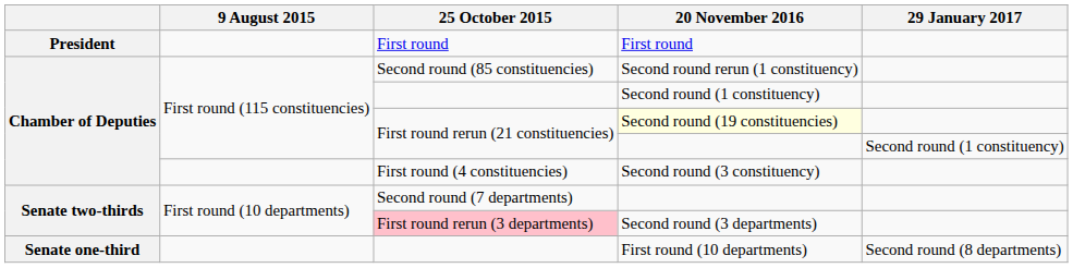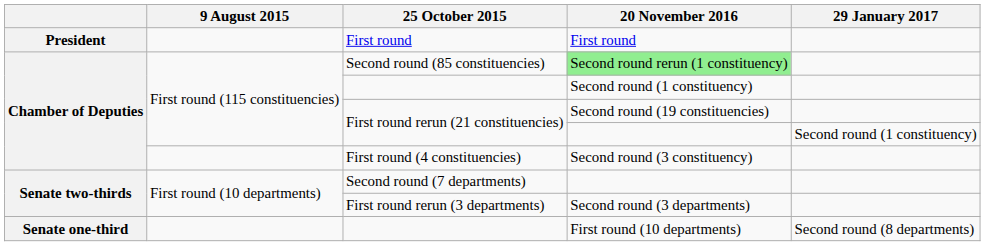 <table class="wikitable">
 <tr>
 <th></th>
 <th>9 August 2015</th>
 <th>25 October 2015</th>
 <th>20 November 2016</th>
 <th>29 January 2017</th>
 </tr>
 <tr>
 <th>President</th>
 <td></td>
 <td><a href='#'>First round</a></td>
 <td><a href='#'>First round</a></td>
 <td></td>
 </tr>
 <tr>
 <th rowspan=5>Chamber of Deputies</th>
 <td rowspan=4>First round (115 constituencies)</td>
 <td>Second round (85 constituencies)</td>
-<td>Second round rerun (1 constituency)</td>
+<td style="background: lightgreen;">Second round rerun (1 constituency)</td>
 <td></td>
 </tr>
 <tr>
 <td></td>
 <td>Second round (1 constituency)</td>
 <td></td>
 </tr>
 <tr>
 <td rowspan=2>First round rerun (21 constituencies)</td>
-<td style="background: lightyellow;">Second round (19 constituencies)</td>
+<td>Second round (19 constituencies)</td>
 <td></td>
 </tr>
 <tr>
 <td></td>
 <td>Second round (1 constituency)</td>
 </tr>
 <tr>
 <td></td>
 <td>First round (4 constituencies)</td>
 <td>Second round (3 constituency)</td>
 <td></td>
 </tr>
 <tr>
 <th rowspan=2>Senate two-thirds</th>
 <td rowspan=2>First round (10 departments)</td>
 <td>Second round (7 departments)</td>
 <td></td>
 <td></td>
 </tr>
 <tr>
-<td style="background: pink;">First round rerun (3 departments)</td>
+<td>First round rerun (3 departments)</td>
 <td>Second round (3 departments)</td>
 <td></td>
 </tr>
 <tr>
 <th>Senate one-third</th>
 <td></td>
 <td></td>
 <td>First round (10 departments)</td>
 <td>Second round (8 departments)</td>
 </tr>
 </table>
